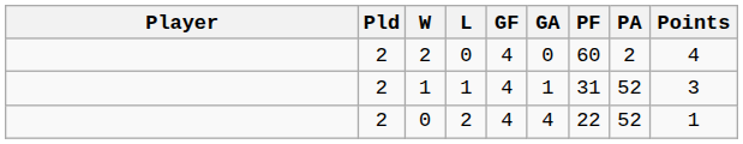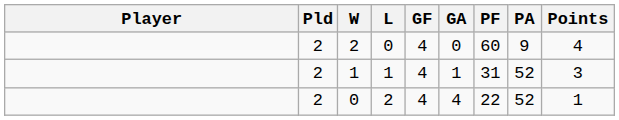 <table class=wikitable style="text-align:center">
 <tr>
 <th width=220>Player</th>
 <th width=20>Pld</th>
 <th width=20>W</th>
 <th width=20>L</th>
 <th width=20>GF</th>
 <th width=20>GA</th>
 <th width=20>PF</th>
 <th width=20>PA</th>
 <th width=50>Points</th>
 </tr>
 <tr>
 <td align=left></td>
 <td>2</td>
 <td>2</td>
 <td>0</td>
 <td>4</td>
 <td>0</td>
 <td>60</td>
-<td>2</td>
+<td>9</td>
 <td>4</td>
 </tr>
 <tr>
 <td align=left></td>
 <td>2</td>
 <td>1</td>
 <td>1</td>
 <td>4</td>
 <td>1</td>
 <td>31</td>
 <td>52</td>
 <td>3</td>
 </tr>
 <tr>
 <td align=left></td>
 <td>2</td>
 <td>0</td>
 <td>2</td>
 <td>4</td>
 <td>4</td>
 <td>22</td>
 <td>52</td>
 <td>1</td>
 </tr>
 </table>
